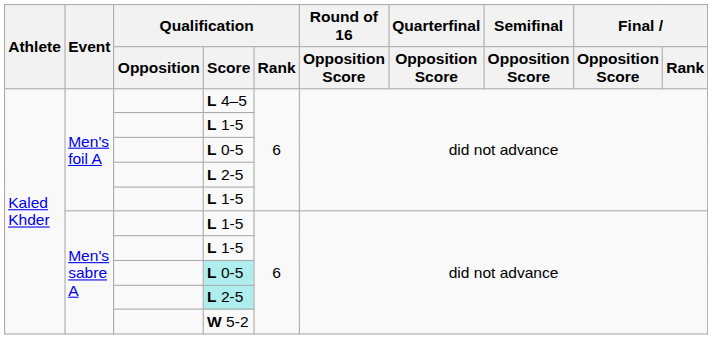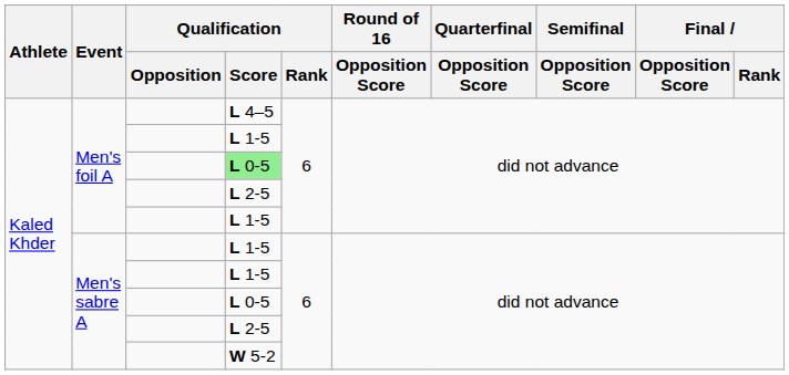 <table class=wikitable style="font-size:90%">
 <tr>
 <th rowspan="2">Athlete</th>
 <th rowspan="2">Event</th>
 <th colspan="3">Qualification</th>
 <th>Round of 16</th>
 <th>Quarterfinal</th>
 <th>Semifinal</th>
 <th colspan="2">Final / </th>
 </tr>
 <tr>
 <th>Opposition</th>
 <th>Score</th>
 <th>Rank</th>
 <th>Opposition<br>Score</th>
 <th>Opposition<br>Score</th>
 <th>Opposition<br>Score</th>
 <th>Opposition<br>Score</th>
 <th>Rank</th>
 </tr>
 <tr>
 <td rowspan=10><a href='#'>Kaled Khder</a></td>
 <td rowspan=5><a href='#'>Men's foil A</a></td>
 <td></td>
 <td><strong>L</strong> 4–5</td>
 <td align="center" rowspan=5>6</td>
 <td align="center" rowspan=5 colspan=5>did not advance</td>
 </tr>
 <tr>
 <td></td>
 <td><strong>L</strong> 1-5</td>
 </tr>
 <tr>
 <td></td>
-<td><strong>L</strong> 0-5</td>
+<td style="background: lightgreen;"><strong>L</strong> 0-5</td>
 </tr>
 <tr>
 <td></td>
 <td><strong>L</strong> 2-5</td>
 </tr>
 <tr>
 <td></td>
 <td><strong>L</strong> 1-5</td>
 </tr>
 <tr>
 <td rowspan=5><a href='#'>Men's sabre A</a></td>
 <td></td>
 <td><strong>L</strong> 1-5</td>
 <td align="center" rowspan=5>6</td>
 <td align="center" rowspan=5 colspan=5>did not advance</td>
 </tr>
 <tr>
 <td></td>
 <td><strong>L</strong> 1-5</td>
 </tr>
 <tr>
 <td></td>
-<td style="background: paleturquoise;"><strong>L</strong> 0-5</td>
+<td><strong>L</strong> 0-5</td>
 </tr>
 <tr>
 <td></td>
-<td style="background: paleturquoise;"><strong>L</strong> 2-5</td>
+<td><strong>L</strong> 2-5</td>
 </tr>
 <tr>
 <td></td>
 <td><strong>W</strong> 5-2</td>
 </tr>
 </table>
